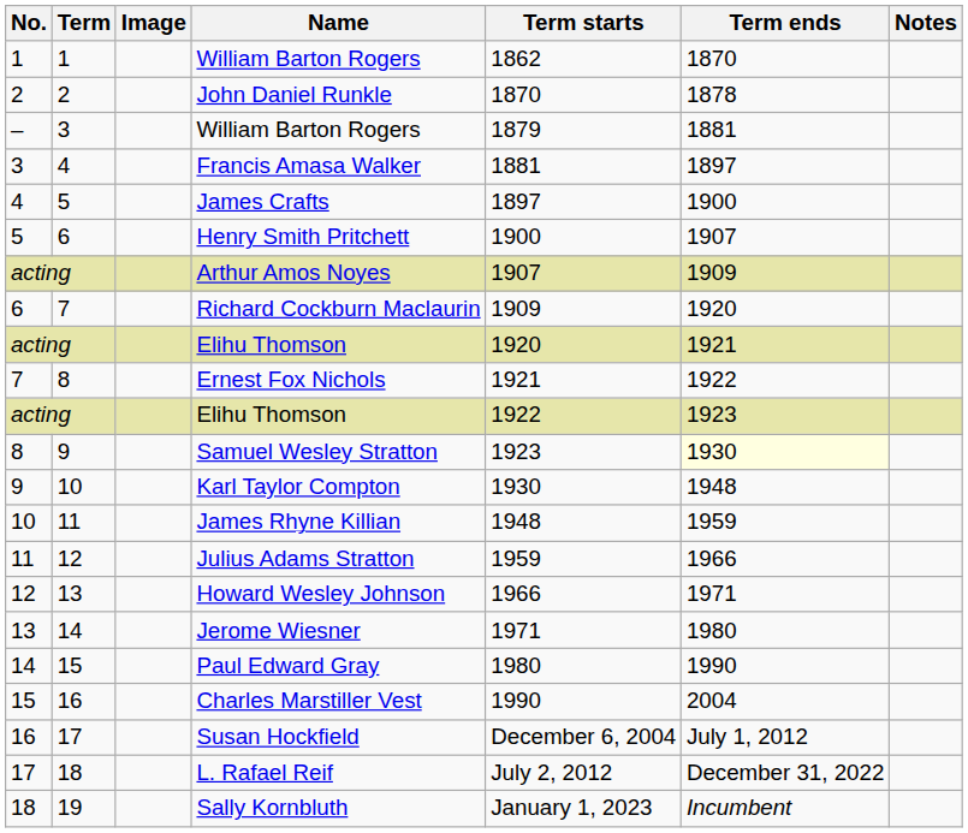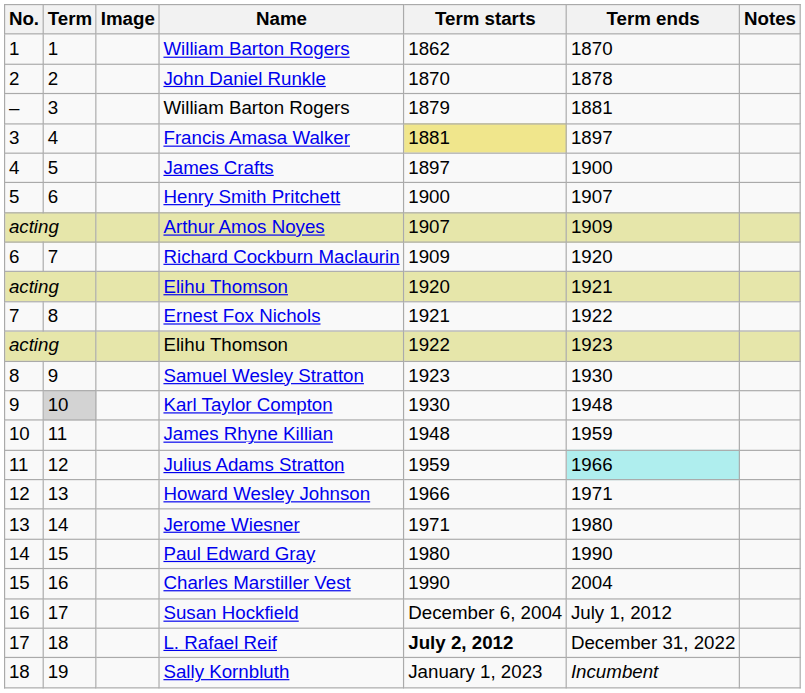 <table class="wikitable">
 <tr>
 <th>No.</th>
 <th>Term</th>
 <th>Image</th>
 <th>Name</th>
 <th>Term starts</th>
 <th>Term ends</th>
 <th>Notes</th>
 </tr>
 <tr>
 <td>1</td>
 <td>1</td>
 <td></td>
 <td><a href='#'>William Barton Rogers</a></td>
 <td>1862</td>
 <td>1870</td>
 <td></td>
 </tr>
 <tr>
 <td>2</td>
 <td>2</td>
 <td></td>
 <td><a href='#'>John Daniel Runkle</a></td>
 <td>1870</td>
 <td>1878</td>
 <td></td>
 </tr>
 <tr>
 <td>–</td>
 <td>3</td>
 <td></td>
 <td>William Barton Rogers</td>
 <td>1879</td>
 <td>1881</td>
 <td></td>
 </tr>
 <tr>
 <td>3</td>
 <td>4</td>
 <td></td>
 <td><a href='#'>Francis Amasa Walker</a></td>
-<td>1881</td>
+<td style="background: khaki;">1881</td>
 <td>1897</td>
 <td></td>
 </tr>
 <tr>
 <td>4</td>
 <td>5</td>
 <td></td>
 <td><a href='#'>James Crafts</a></td>
 <td>1897</td>
 <td>1900</td>
 <td></td>
 </tr>
 <tr>
 <td>5</td>
 <td>6</td>
 <td></td>
 <td><a href='#'>Henry Smith Pritchett</a></td>
 <td>1900</td>
 <td>1907</td>
 </tr>
 <tr bgcolor="#e6e6aa">
 <td colspan="2"><em>acting</em></td>
 <td></td>
 <td><a href='#'>Arthur Amos Noyes</a></td>
 <td>1907</td>
 <td>1909</td>
 <td></td>
 </tr>
 <tr>
 <td>6</td>
 <td>7</td>
 <td></td>
 <td><a href='#'>Richard Cockburn Maclaurin</a></td>
 <td>1909</td>
 <td>1920</td>
 <td></td>
 </tr>
 <tr bgcolor="#e6e6aa">
 <td colspan="2"><em>acting</em></td>
 <td></td>
 <td><a href='#'>Elihu Thomson</a></td>
 <td>1920</td>
 <td>1921</td>
 <td></td>
 </tr>
 <tr>
 <td>7</td>
 <td>8</td>
 <td></td>
 <td><a href='#'>Ernest Fox Nichols</a></td>
 <td>1921</td>
 <td>1922</td>
 <td></td>
 </tr>
 <tr bgcolor="#e6e6aa">
 <td colspan="2"><em>acting</em></td>
 <td></td>
 <td>Elihu Thomson</td>
 <td>1922</td>
 <td>1923</td>
 <td></td>
 </tr>
 <tr>
 <td>8</td>
 <td>9</td>
 <td></td>
 <td><a href='#'>Samuel Wesley Stratton</a></td>
 <td>1923</td>
-<td style="background: lightyellow;">1930</td>
+<td>1930</td>
 <td></td>
 </tr>
 <tr>
 <td>9</td>
-<td>10</td>
+<td style="background: lightgrey;">10</td>
 <td></td>
 <td><a href='#'>Karl Taylor Compton</a></td>
 <td>1930</td>
 <td>1948</td>
 <td></td>
 </tr>
 <tr>
 <td>10</td>
 <td>11</td>
 <td></td>
 <td><a href='#'>James Rhyne Killian</a></td>
 <td>1948</td>
 <td>1959</td>
 <td></td>
 </tr>
 <tr>
 <td>11</td>
 <td>12</td>
 <td></td>
 <td><a href='#'>Julius Adams Stratton</a></td>
 <td>1959</td>
-<td>1966</td>
+<td style="background: paleturquoise;">1966</td>
 <td></td>
 </tr>
 <tr>
 <td>12</td>
 <td>13</td>
 <td></td>
 <td><a href='#'>Howard Wesley Johnson</a></td>
 <td>1966</td>
 <td>1971</td>
 <td></td>
 </tr>
 <tr>
 <td>13</td>
 <td>14</td>
 <td></td>
 <td><a href='#'>Jerome Wiesner</a></td>
 <td>1971</td>
 <td>1980</td>
 <td></td>
 </tr>
 <tr>
 <td>14</td>
 <td>15</td>
 <td></td>
 <td><a href='#'>Paul Edward Gray</a></td>
 <td>1980</td>
 <td>1990</td>
 <td></td>
 </tr>
 <tr>
 <td>15</td>
 <td>16</td>
 <td></td>
 <td><a href='#'>Charles Marstiller Vest</a></td>
 <td>1990</td>
 <td>2004</td>
 <td></td>
 </tr>
 <tr>
 <td>16</td>
 <td>17</td>
 <td></td>
 <td><a href='#'>Susan Hockfield</a></td>
 <td>December 6, 2004</td>
 <td>July 1, 2012</td>
 <td></td>
 </tr>
 <tr>
 <td>17</td>
 <td>18</td>
 <td></td>
 <td><a href='#'>L. Rafael Reif</a></td>
-<td>July 2, 2012</td>
+<td><strong>July 2, 2012</strong></td>
 <td>December 31, 2022</td>
 <td></td>
 </tr>
 <tr>
 <td>18</td>
 <td>19</td>
 <td></td>
 <td><a href='#'>Sally Kornbluth</a></td>
 <td>January 1, 2023</td>
 <td><em>Incumbent</em></td>
 <td></td>
 </tr>
 </table>
